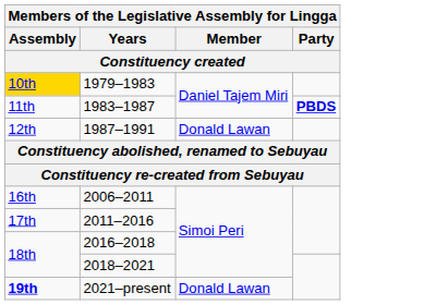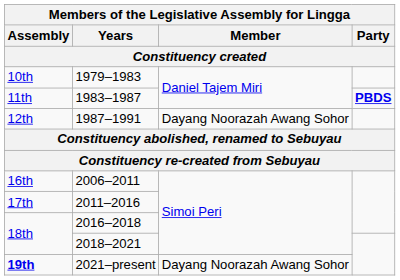 <table class=wikitable>
 <tr>
 <th colspan="4">Members of the Legislative Assembly for Lingga</th>
 </tr>
 <tr>
 <th>Assembly</th>
 <th>Years</th>
 <th>Member</th>
 <th>Party</th>
 </tr>
 <tr>
 <th colspan=4 align=center><em>Constituency created</em></th>
 </tr>
 <tr>
-<td style="background: gold;"><a href='#'>10th</a></td>
+<td><a href='#'>10th</a></td>
 <td>1979–1983</td>
 <td rowspan="2"><a href='#'>Daniel Tajem Miri</a></td>
 <td></td>
 </tr>
 <tr>
 <td><a href='#'>11th</a></td>
 <td>1983–1987</td>
 <td><strong><a href='#'>PBDS</a></strong></td>
 </tr>
 <tr>
 <td><a href='#'>12th</a></td>
 <td>1987–1991</td>
-<td><a href='#'>Donald Lawan</a></td>
+<td>Dayang Noorazah Awang Sohor</td>
 <td></td>
 </tr>
 <tr>
 <th colspan=4 align=center><em>Constituency abolished, renamed to Sebuyau</em></th>
 </tr>
 <tr>
 <th colspan=4 align=center><em>Constituency re-created from Sebuyau</em></th>
 </tr>
 <tr>
 <td><a href='#'>16th</a></td>
 <td>2006–2011</td>
 <td rowspan="4"><a href='#'>Simoi Peri</a></td>
 <td rowspan=3></td>
 </tr>
 <tr>
 <td><a href='#'>17th</a></td>
 <td>2011–2016</td>
 </tr>
 <tr>
 <td rowspan="2"><a href='#'>18th</a></td>
 <td>2016–2018</td>
 </tr>
 <tr>
 <td>2018–2021</td>
 <td rowspan=2></td>
 </tr>
 <tr>
 <td><strong><a href='#'>19th</a></strong></td>
 <td>2021–present</td>
-<td><a href='#'>Donald Lawan</a></td>
+<td>Dayang Noorazah Awang Sohor</td>
 </tr>
 </table>
